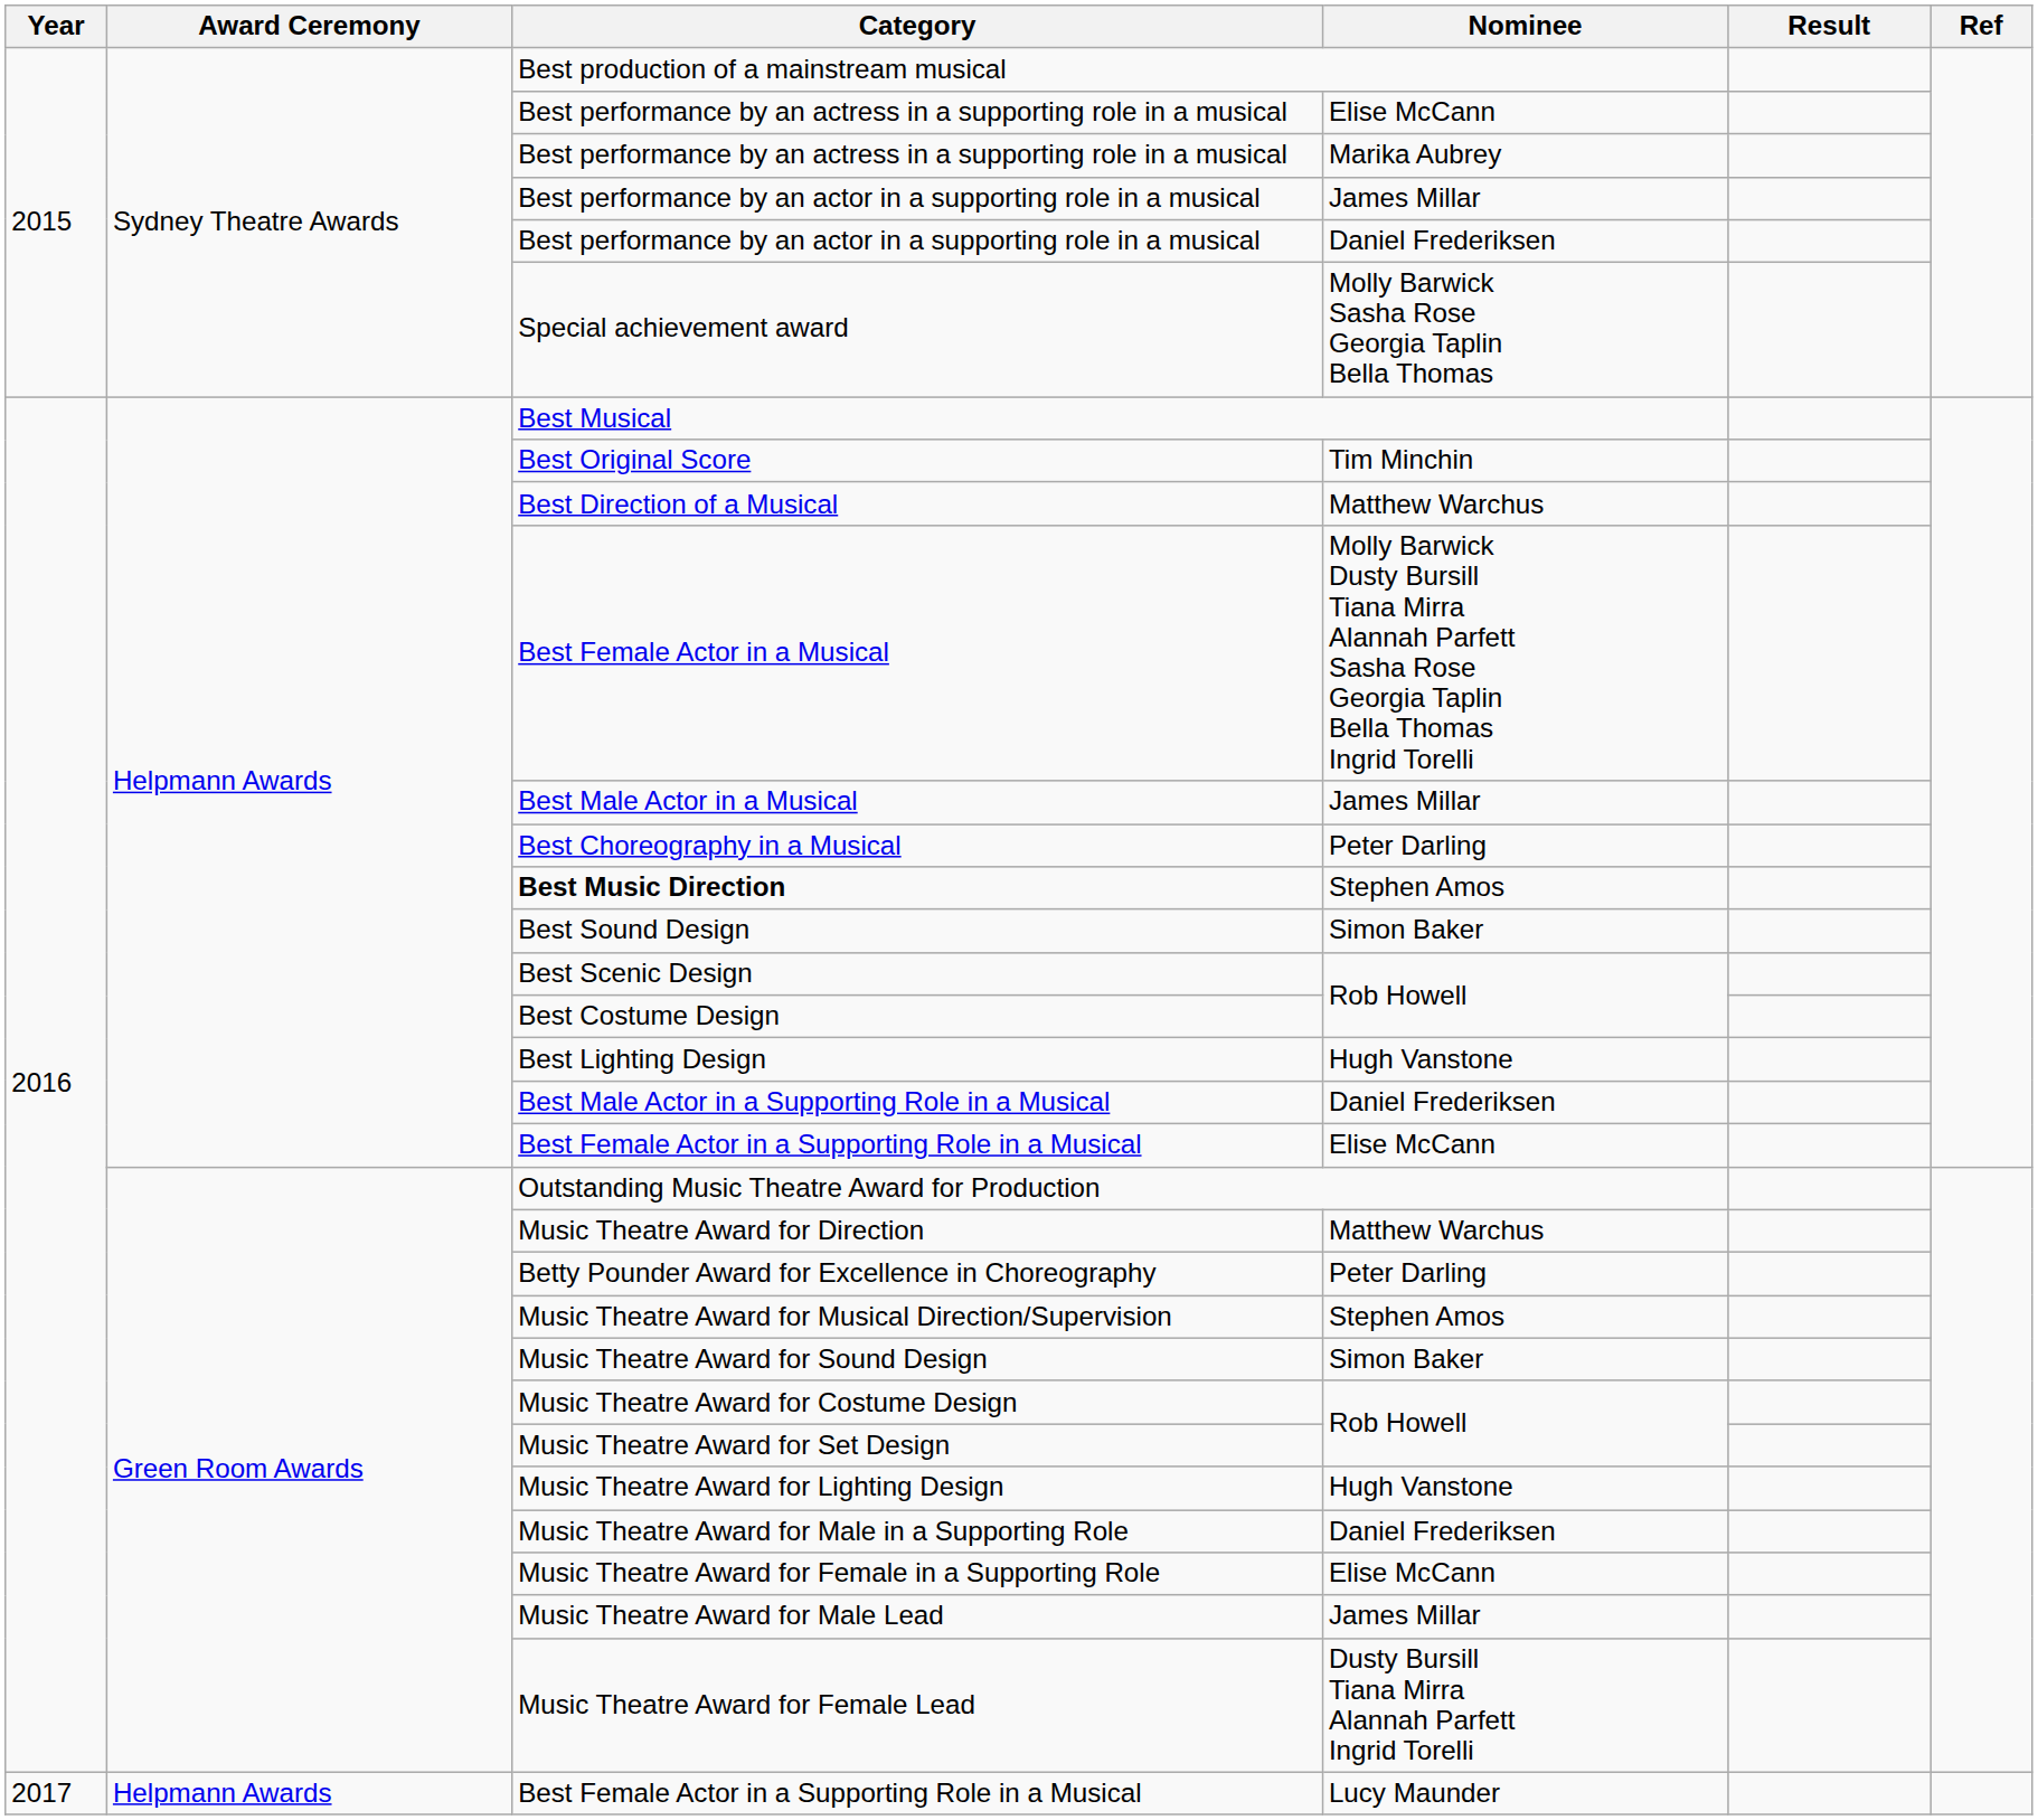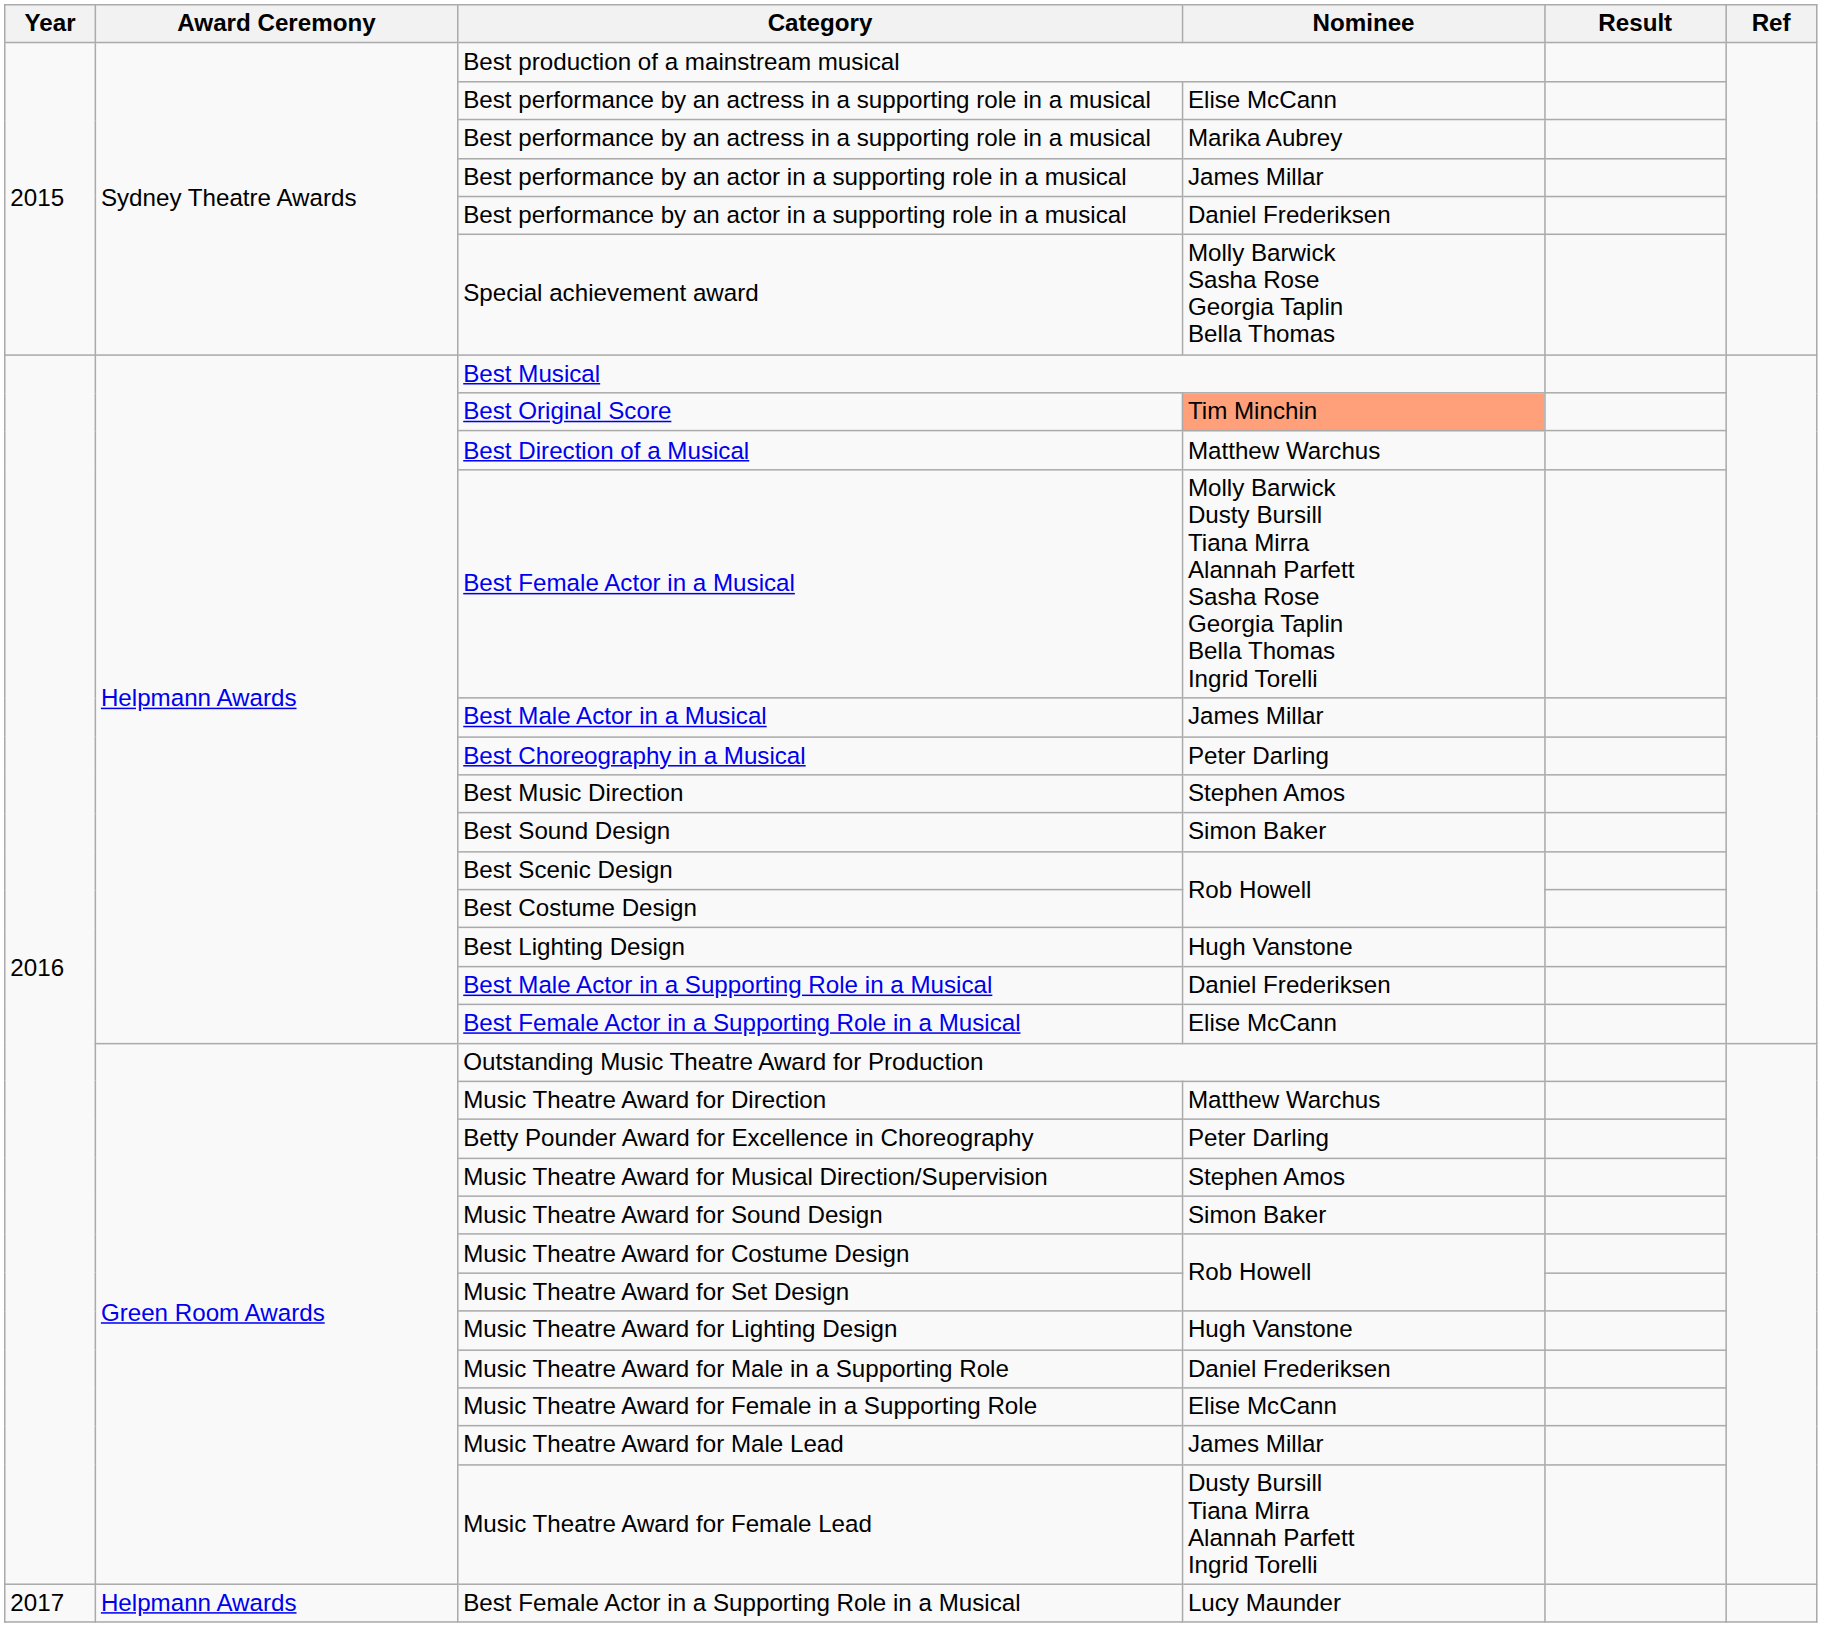 <table class="wikitable" width="95%">
 <tr>
 <th width="5%">Year</th>
 <th width="20%">Award Ceremony</th>
 <th width="40%">Category</th>
 <th width="20%">Nominee</th>
 <th width="10%">Result</th>
 <th width="5%">Ref</th>
 </tr>
 <tr>
 <td rowspan="6">2015</td>
 <td rowspan="6">Sydney Theatre Awards</td>
 <td colspan="2">Best production of a mainstream musical</td>
 <td></td>
 <td rowspan="6" align="center"></td>
 </tr>
 <tr>
 <td>Best performance by an actress in a supporting role in a musical</td>
 <td>Elise McCann</td>
 <td></td>
 </tr>
 <tr>
 <td>Best performance by an actress in a supporting role in a musical</td>
 <td>Marika Aubrey</td>
 <td></td>
 </tr>
 <tr>
 <td>Best performance by an actor in a supporting role in a musical</td>
 <td>James Millar</td>
 <td></td>
 </tr>
 <tr>
 <td>Best performance by an actor in a supporting role in a musical</td>
 <td>Daniel Frederiksen</td>
 <td></td>
 </tr>
 <tr>
 <td>Special achievement award</td>
 <td>Molly Barwick<br>Sasha Rose<br>Georgia Taplin<br>Bella Thomas</td>
 <td></td>
 </tr>
 <tr>
 <td rowspan="25">2016</td>
 <td rowspan="13"><a href='#'>Helpmann Awards</a></td>
 <td colspan="2"><a href='#'>Best Musical</a></td>
 <td></td>
 <td rowspan="13" align="center"></td>
 </tr>
 <tr>
 <td><a href='#'>Best Original Score</a></td>
-<td>Tim Minchin</td>
+<td style="background: lightsalmon;">Tim Minchin</td>
 <td></td>
 </tr>
 <tr>
 <td><a href='#'>Best Direction of a Musical</a></td>
 <td>Matthew Warchus</td>
 <td></td>
 </tr>
 <tr>
 <td><a href='#'>Best Female Actor in a Musical</a></td>
 <td>Molly Barwick<br>Dusty Bursill<br>Tiana Mirra<br>Alannah Parfett<br>Sasha Rose<br>Georgia Taplin<br>Bella Thomas<br>Ingrid Torelli</td>
 <td></td>
 </tr>
 <tr>
 <td><a href='#'>Best Male Actor in a Musical</a></td>
 <td>James Millar</td>
 <td></td>
 </tr>
 <tr>
 <td><a href='#'>Best Choreography in a Musical</a></td>
 <td>Peter Darling</td>
 <td></td>
 </tr>
 <tr>
-<td><strong>Best Music Direction</strong></td>
+<td>Best Music Direction</td>
 <td>Stephen Amos</td>
 <td></td>
 </tr>
 <tr>
 <td>Best Sound Design</td>
 <td>Simon Baker</td>
 <td></td>
 </tr>
 <tr>
 <td>Best Scenic Design</td>
 <td rowspan="2">Rob Howell</td>
 <td></td>
 </tr>
 <tr>
 <td>Best Costume Design</td>
 <td></td>
 </tr>
 <tr>
 <td>Best Lighting Design</td>
 <td>Hugh Vanstone</td>
 <td></td>
 </tr>
 <tr>
 <td><a href='#'>Best Male Actor in a Supporting Role in a Musical</a></td>
 <td>Daniel Frederiksen</td>
 <td></td>
 </tr>
 <tr>
 <td><a href='#'>Best Female Actor in a Supporting Role in a Musical</a></td>
 <td>Elise McCann</td>
 <td></td>
 </tr>
 <tr>
 <td rowspan="12"><a href='#'>Green Room Awards</a></td>
 <td colspan="2">Outstanding Music Theatre Award for Production</td>
 <td></td>
 <td rowspan="12" align="center"></td>
 </tr>
 <tr>
 <td>Music Theatre Award for Direction</td>
 <td>Matthew Warchus</td>
 <td></td>
 </tr>
 <tr>
 <td>Betty Pounder Award for Excellence in Choreography</td>
 <td>Peter Darling</td>
 <td></td>
 </tr>
 <tr>
 <td>Music Theatre Award for Musical Direction/Supervision</td>
 <td>Stephen Amos</td>
 <td></td>
 </tr>
 <tr>
 <td>Music Theatre Award for Sound Design</td>
 <td>Simon Baker</td>
 <td></td>
 </tr>
 <tr>
 <td>Music Theatre Award for Costume Design</td>
 <td rowspan="2">Rob Howell</td>
 <td></td>
 </tr>
 <tr>
 <td>Music Theatre Award for Set Design</td>
 <td></td>
 </tr>
 <tr>
 <td>Music Theatre Award for Lighting Design</td>
 <td>Hugh Vanstone</td>
 <td></td>
 </tr>
 <tr>
 <td>Music Theatre Award for Male in a Supporting Role</td>
 <td>Daniel Frederiksen</td>
 <td></td>
 </tr>
 <tr>
 <td>Music Theatre Award for Female in a Supporting Role</td>
 <td>Elise McCann</td>
 <td></td>
 </tr>
 <tr>
 <td>Music Theatre Award for Male Lead</td>
 <td>James Millar</td>
 <td></td>
 </tr>
 <tr>
 <td>Music Theatre Award for Female Lead</td>
 <td>Dusty Bursill<br>Tiana Mirra<br>Alannah Parfett<br>Ingrid Torelli</td>
 <td></td>
 </tr>
 <tr>
 <td>2017</td>
 <td><a href='#'>Helpmann Awards</a></td>
 <td>Best Female Actor in a Supporting Role in a Musical</td>
 <td>Lucy Maunder</td>
 <td></td>
 <td></td>
 </tr>
 </table>
